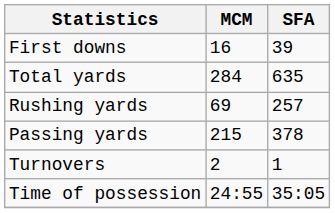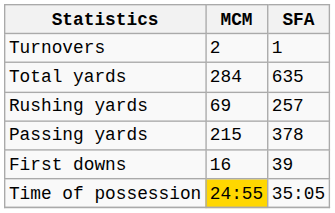 <table class="wikitable">
 <tr>
 <th>Statistics</th>
 <th>MCM</th>
 <th>SFA</th>
 </tr>
 <tr>
-<td>First downs</td>
-<td>16</td>
-<td>39</td>
+<td>Turnovers</td>
+<td>2</td>
+<td>1</td>
 </tr>
 <tr>
 <td>Total yards</td>
 <td>284</td>
 <td>635</td>
 </tr>
 <tr>
 <td>Rushing yards</td>
 <td>69</td>
 <td>257</td>
 </tr>
 <tr>
 <td>Passing yards</td>
 <td>215</td>
 <td>378</td>
 </tr>
 <tr>
-<td>Turnovers</td>
-<td>2</td>
-<td>1</td>
+<td>First downs</td>
+<td>16</td>
+<td>39</td>
 </tr>
 <tr>
 <td>Time of possession</td>
-<td>24:55</td>
+<td style="background: gold;">24:55</td>
 <td>35:05</td>
 </tr>
 <tr>
 </tr>
 </table>
